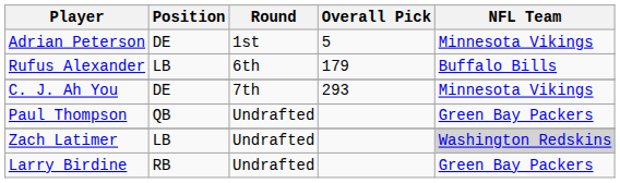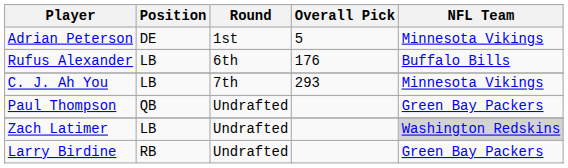 <table class="wikitable" border="1">
 <tr>
 <th>Player</th>
 <th>Position</th>
 <th>Round</th>
 <th>Overall Pick</th>
 <th>NFL Team</th>
 </tr>
 <tr>
 <td><a href='#'>Adrian Peterson</a></td>
 <td>DE</td>
 <td>1st</td>
 <td>5</td>
 <td><a href='#'>Minnesota Vikings</a></td>
 </tr>
 <tr>
 </tr>
 <tr>
 <td><a href='#'>Rufus Alexander</a></td>
 <td>LB</td>
 <td>6th</td>
-<td>179</td>
+<td>176</td>
 <td><a href='#'>Buffalo Bills</a></td>
 </tr>
 <tr>
 </tr>
 <tr>
 <td><a href='#'>C. J. Ah You</a></td>
-<td>DE</td>
+<td>LB</td>
 <td>7th</td>
 <td>293</td>
 <td><a href='#'>Minnesota Vikings</a></td>
 </tr>
 <tr>
 </tr>
 <tr>
 <td><a href='#'>Paul Thompson</a></td>
 <td>QB</td>
 <td>Undrafted</td>
 <td></td>
 <td><a href='#'>Green Bay Packers</a></td>
 </tr>
 <tr>
 </tr>
 <tr>
 <td><a href='#'>Zach Latimer</a></td>
 <td>LB</td>
 <td>Undrafted</td>
 <td></td>
 <td style="background: lightgrey;"><a href='#'>Washington Redskins</a></td>
 </tr>
 <tr>
 <td><a href='#'>Larry Birdine</a></td>
 <td>RB</td>
 <td>Undrafted</td>
 <td></td>
 <td><a href='#'>Green Bay Packers</a></td>
 </tr>
 </table>
